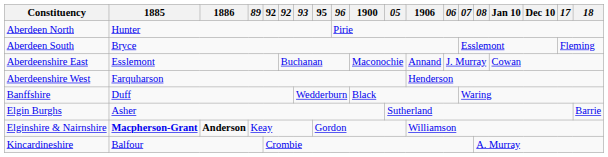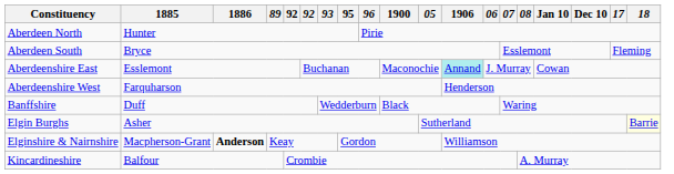 <table class="wikitable">
 <tr>
 <th>Constituency</th>
 <th>1885</th>
 <th>1886</th>
 <th><em>89</em></th>
 <th>92</th>
 <th><em>92</em></th>
 <th><em>93</em></th>
 <th>95</th>
 <th><em>96</em></th>
 <th>1900</th>
 <th><em>05</em></th>
 <th>1906</th>
 <th><em>06</em></th>
 <th><em>07</em></th>
 <th><em>08</em></th>
 <th>Jan 10</th>
 <th>Dec 10</th>
 <th><em>17</em></th>
 <th><em>18</em></th>
 </tr>
 <tr>
 <td><a href='#'>Aberdeen North</a></td>
 <td colspan="7"><a href='#'>Hunter</a></td>
 <td colspan="11"><a href='#'>Pirie</a></td>
 </tr>
 <tr>
 <td><a href='#'>Aberdeen South</a></td>
 <td colspan="12"><a href='#'>Bryce</a></td>
 <td colspan="4"><a href='#'>Esslemont</a></td>
 <td colspan="2"><a href='#'>Fleming</a></td>
 </tr>
 <tr>
 <td><a href='#'>Aberdeenshire East</a></td>
 <td colspan="4"><a href='#'>Esslemont</a></td>
 <td colspan="4"><a href='#'>Buchanan</a></td>
 <td colspan="2"><a href='#'>Maconochie</a></td>
-<td><a href='#'>Annand</a></td>
+<td style="background: paleturquoise;"><a href='#'>Annand</a></td>
 <td colspan="3"><a href='#'>J. Murray</a></td>
 <td colspan="4"><a href='#'>Cowan</a></td>
 </tr>
 <tr>
 <td><a href='#'>Aberdeenshire West</a></td>
 <td colspan="10"><a href='#'>Farquharson</a></td>
 <td colspan="8"><a href='#'>Henderson</a></td>
 </tr>
 <tr>
 <td><a href='#'>Banffshire</a></td>
 <td colspan="5"><a href='#'>Duff</a></td>
 <td colspan="3"><a href='#'>Wedderburn</a></td>
 <td colspan="4"><a href='#'>Black</a></td>
 <td colspan="6"><a href='#'>Waring</a></td>
 </tr>
 <tr>
 <td><a href='#'>Elgin Burghs</a></td>
 <td colspan="9"><a href='#'>Asher</a></td>
 <td colspan="8"><a href='#'>Sutherland</a></td>
-<td><a href='#'>Barrie</a></td>
+<td style="background: lightyellow;"><a href='#'>Barrie</a></td>
 </tr>
 <tr>
 <td><a href='#'>Elginshire & Nairnshire</a></td>
-<td bgcolor=><strong><a href='#'>Macpherson-Grant</a></strong></td>
+<td bgcolor=><a href='#'>Macpherson-Grant</a></td>
 <td bgcolor=><strong>Anderson</strong></td>
 <td colspan="4"><a href='#'>Keay</a></td>
 <td colspan="4"><a href='#'>Gordon</a></td>
 <td colspan="8"><a href='#'>Williamson</a></td>
 </tr>
 <tr>
 <td><a href='#'>Kincardineshire</a></td>
 <td colspan="3"><a href='#'>Balfour</a></td>
 <td colspan="10"><a href='#'>Crombie</a></td>
 <td colspan="5"><a href='#'>A. Murray</a></td>
 </tr>
 </table>
